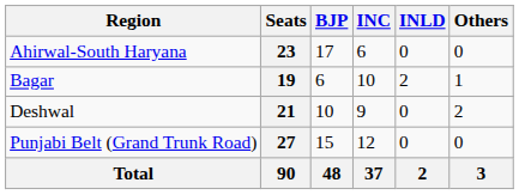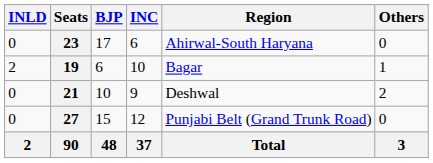 <table class="wikitable sortable defaultcenter col1left" style="font-size: 90%">
 <tr>
-<th>Region</th>
+<th><a href='#'>INLD</a></th>
 <th>Seats</th>
 <th><a href='#'>BJP</a></th>
 <th><a href='#'>INC</a></th>
-<th><a href='#'>INLD</a></th>
+<th>Region</th>
 <th>Others</th>
 </tr>
 <tr>
-<td><a href='#'>Ahirwal-South Haryana</a></td>
+<td>0</td>
 <th>23</th>
 <td style="background:">17</td>
 <td>6</td>
-<td>0</td>
+<td><a href='#'>Ahirwal-South Haryana</a></td>
 <td>0</td>
 </tr>
 <tr>
-<td><a href='#'>Bagar</a></td>
+<td>2</td>
 <th>19</th>
 <td>6</td>
 <td style="background:">10</td>
-<td>2</td>
+<td><a href='#'>Bagar</a></td>
 <td>1</td>
 </tr>
 <tr>
-<td>Deshwal</td>
+<td>0</td>
 <th>21</th>
 <td style="background:">10</td>
 <td>9</td>
-<td>0</td>
+<td>Deshwal</td>
 <td>2</td>
 </tr>
 <tr>
-<td><a href='#'>Punjabi Belt</a> (<a href='#'>Grand Trunk Road</a>)</td>
+<td>0</td>
 <th>27</th>
 <td style="background:">15</td>
 <td>12</td>
-<td>0</td>
+<td><a href='#'>Punjabi Belt</a> (<a href='#'>Grand Trunk Road</a>)</td>
 <td>0</td>
 </tr>
 <tr>
-<th>Total</th>
+<th>2</th>
 <th>90</th>
 <th style="background:">48</th>
 <th>37</th>
-<th>2</th>
+<th>Total</th>
 <th>3</th>
 </tr>
 </table>
